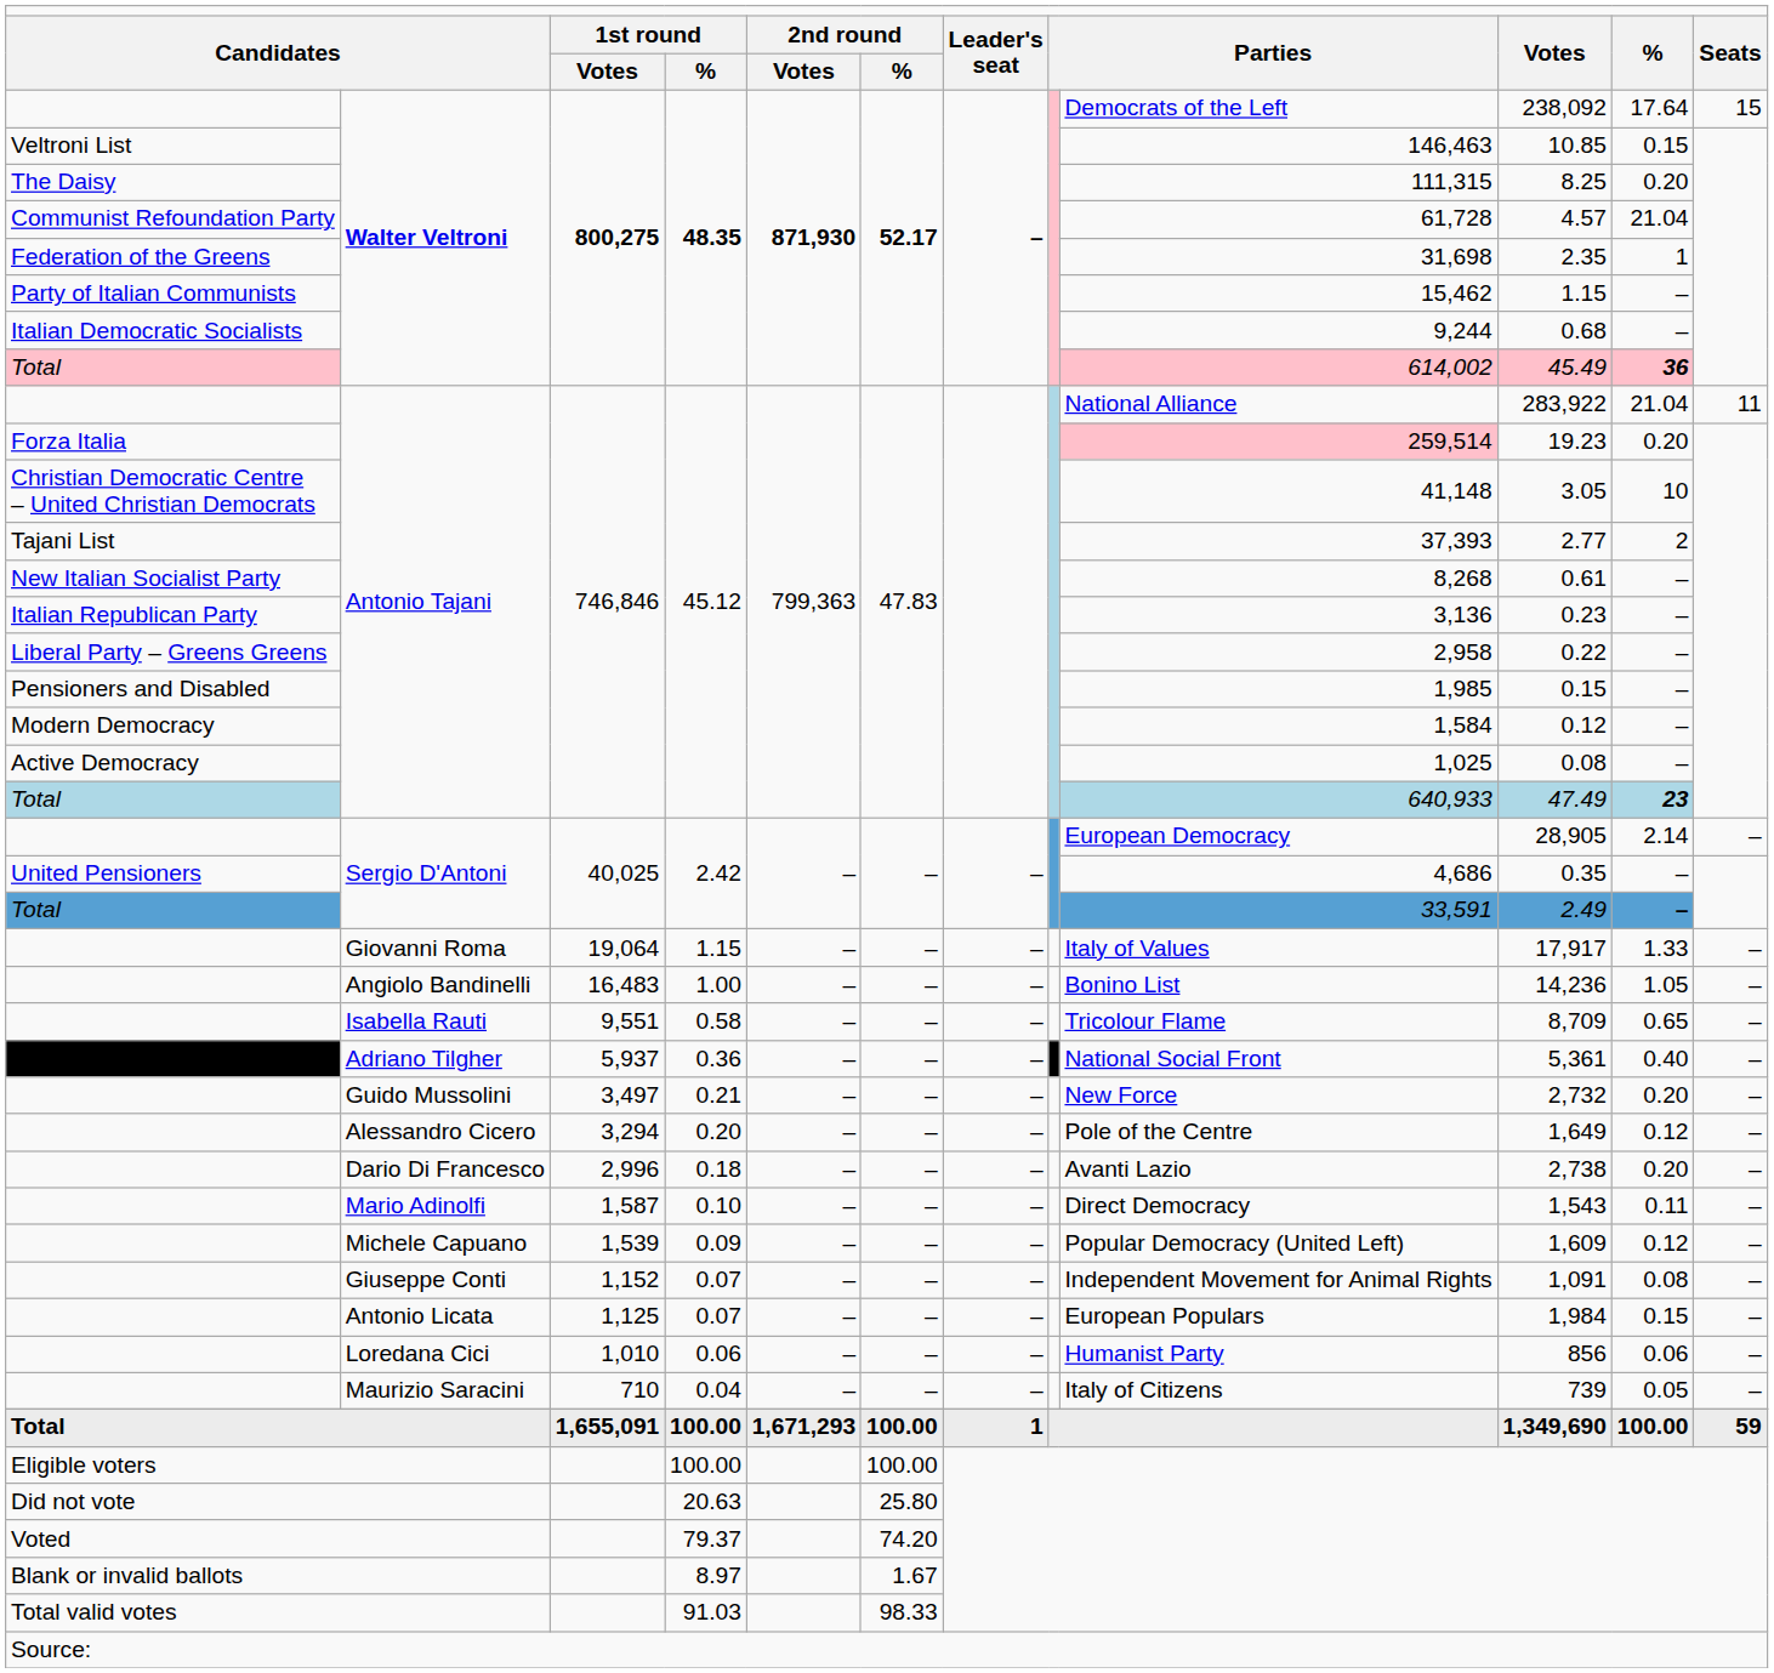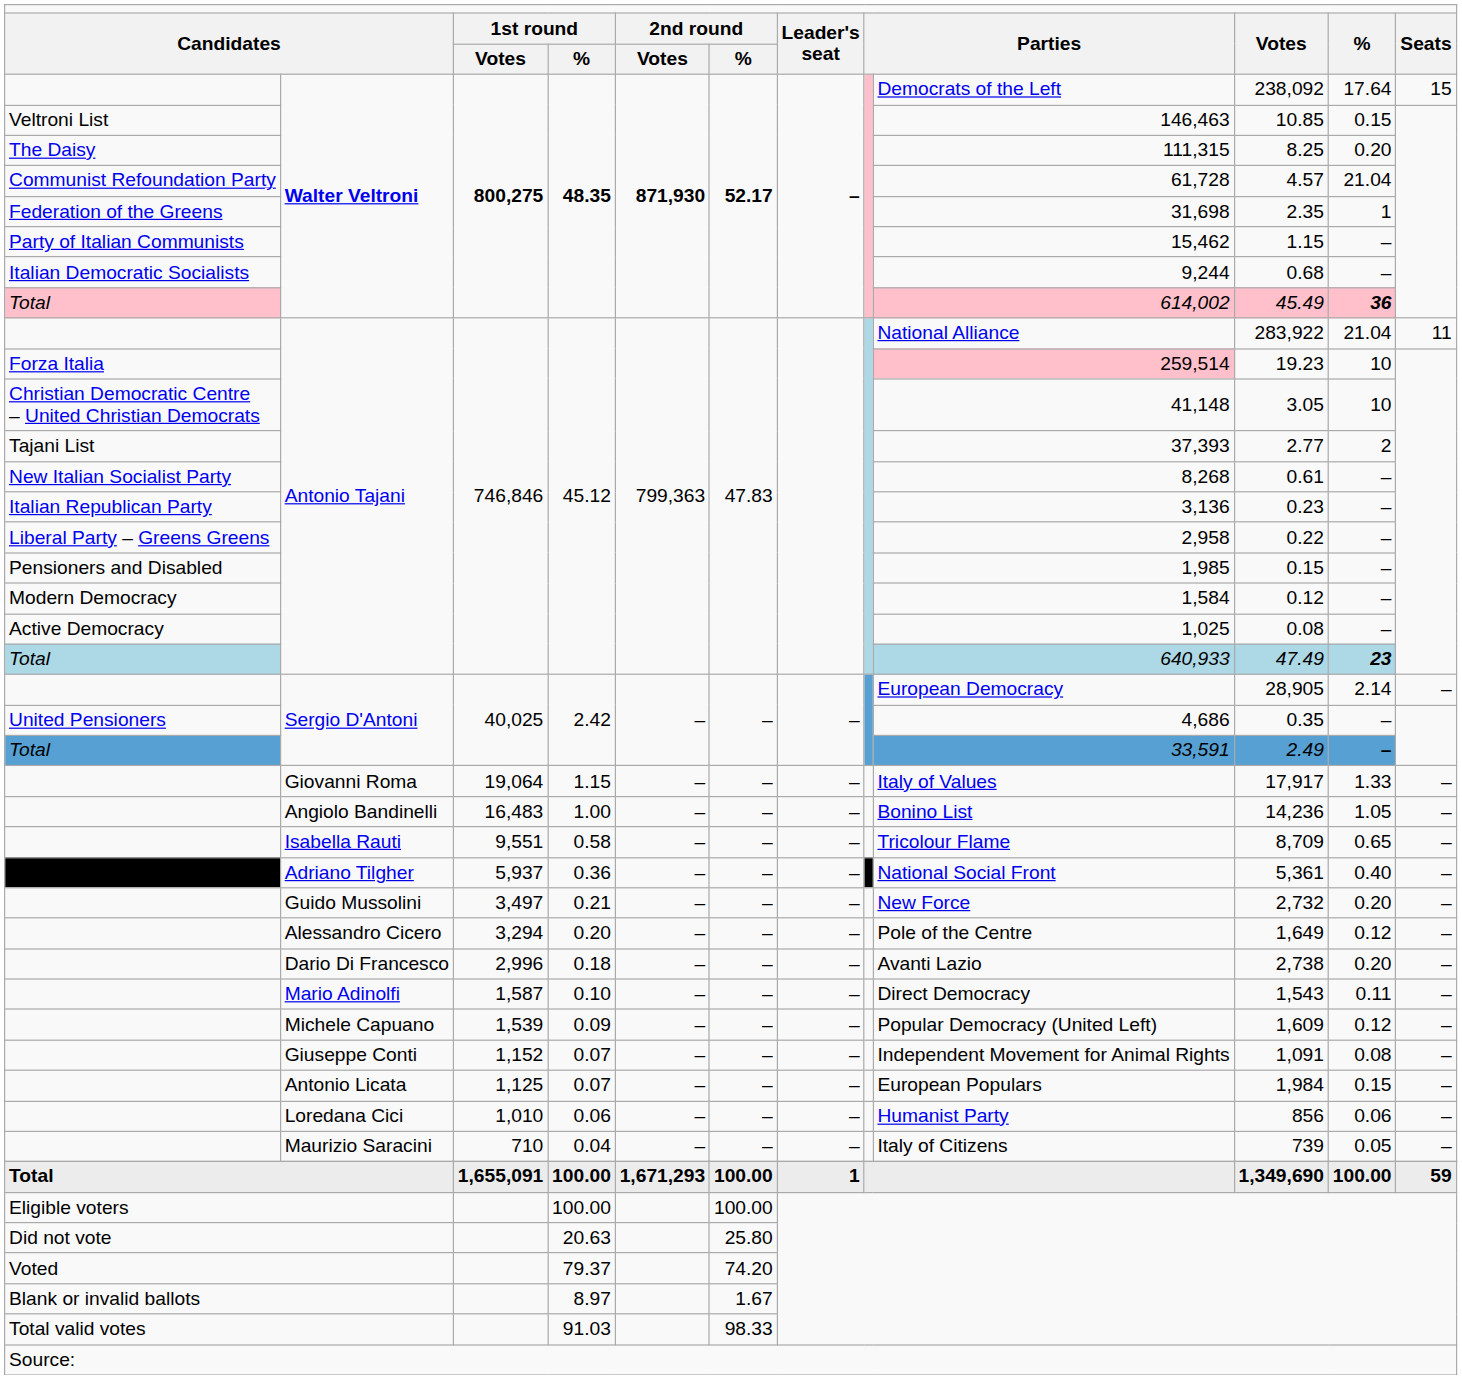 <table class="wikitable" style="text-align:left">
 <tr>
 <td colspan="12"></td>
 </tr>
 <tr>
 <th rowspan=2 colspan="2">Candidates</th>
 <th colspan=2>1st round</th>
 <th colspan=2>2nd round</th>
 <th rowspan=2>Leader's<br>seat</th>
 <th rowspan=2 colspan=2>Parties</th>
 <th rowspan=2>Votes</th>
 <th rowspan=2>%</th>
 <th rowspan=2>Seats</th>
 </tr>
 <tr>
 <th>Votes</th>
 <th>%</th>
 <th>Votes</th>
 <th>%</th>
 </tr>
 <tr>
 <td></td>
 <td rowspan=8><strong><a href='#'>Walter Veltroni</a></strong></td>
 <td rowspan=8 align=right><strong>800,275</strong></td>
 <td rowspan=8 align=right><strong>48.35</strong></td>
 <td rowspan=8 align=right><strong>871,930</strong></td>
 <td rowspan=8 align=right><strong>52.17</strong></td>
 <td rowspan=8 align=right><strong>–</strong></td>
 <td rowspan=8 bgcolor=pink></td>
 <td><a href='#'>Democrats of the Left</a></td>
 <td align=right>238,092</td>
 <td align=right>17.64</td>
 <td align=right>15</td>
 </tr>
 <tr>
 <td>Veltroni List</td>
 <td align=right>146,463</td>
 <td align=right>10.85</td>
 <td align=right>0.15</td>
 </tr>
 <tr>
 <td><a href='#'>The Daisy</a></td>
 <td align=right>111,315</td>
 <td align=right>8.25</td>
 <td align=right>0.20</td>
 </tr>
 <tr>
 <td><a href='#'>Communist Refoundation Party</a></td>
 <td align=right>61,728</td>
 <td align=right>4.57</td>
 <td align=right>21.04</td>
 </tr>
 <tr>
 <td><a href='#'>Federation of the Greens</a></td>
 <td align=right>31,698</td>
 <td align=right>2.35</td>
 <td align=right>1</td>
 </tr>
 <tr>
 <td><a href='#'>Party of Italian Communists</a></td>
 <td align=right>15,462</td>
 <td align=right>1.15</td>
 <td align=right>–</td>
 </tr>
 <tr>
 <td><a href='#'>Italian Democratic Socialists</a></td>
 <td align=right>9,244</td>
 <td align=right>0.68</td>
 <td align=right>–</td>
 </tr>
 <tr>
 <td bgcolor=pink><em>Total</em></td>
 <td bgcolor=pink align=right><em>614,002</em></td>
 <td bgcolor=pink align=right><em>45.49</em></td>
 <td bgcolor=pink align=right><strong><em>36</em></strong></td>
 </tr>
 <tr>
 <td></td>
 <td rowspan=11><a href='#'>Antonio Tajani</a></td>
 <td rowspan=11 align=right>746,846</td>
 <td rowspan=11 align=right>45.12</td>
 <td rowspan=11 align=right>799,363</td>
 <td rowspan=11 align=right>47.83</td>
 <td rowspan=11 align=right></td>
 <td rowspan=11 bgcolor=lightblue></td>
 <td><a href='#'>National Alliance</a></td>
 <td align=right>283,922</td>
 <td align=right>21.04</td>
 <td align=right>11</td>
 </tr>
 <tr>
 <td><a href='#'>Forza Italia</a></td>
 <td align=right style="background: pink;">259,514</td>
 <td align=right>19.23</td>
-<td align=right>0.20</td>
+<td align=right>10</td>
 </tr>
 <tr>
 <td><a href='#'>Christian Democratic Centre</a> <br>– <a href='#'>United Christian Democrats</a></td>
 <td align=right>41,148</td>
 <td align=right>3.05</td>
 <td align=right>10</td>
 </tr>
 <tr>
 <td>Tajani List</td>
 <td align=right>37,393</td>
 <td align=right>2.77</td>
 <td align=right>2</td>
 </tr>
 <tr>
 <td><a href='#'>New Italian Socialist Party</a></td>
 <td align=right>8,268</td>
 <td align=right>0.61</td>
 <td align=right>–</td>
 </tr>
 <tr>
 <td><a href='#'>Italian Republican Party</a></td>
 <td align=right>3,136</td>
 <td align=right>0.23</td>
 <td align=right>–</td>
 </tr>
 <tr>
 <td><a href='#'>Liberal Party</a> – <a href='#'>Greens Greens</a></td>
 <td align=right>2,958</td>
 <td align=right>0.22</td>
 <td align=right>–</td>
 </tr>
 <tr>
 <td>Pensioners and Disabled</td>
 <td align=right>1,985</td>
 <td align=right>0.15</td>
 <td align=right>–</td>
 </tr>
 <tr>
 <td>Modern Democracy</td>
 <td align=right>1,584</td>
 <td align=right>0.12</td>
 <td align=right>–</td>
 </tr>
 <tr>
 <td>Active Democracy</td>
 <td align=right>1,025</td>
 <td align=right>0.08</td>
 <td align=right>–</td>
 </tr>
 <tr>
 <td bgcolor=lightblue><em>Total</em></td>
 <td bgcolor=lightblue align=right><em>640,933</em></td>
 <td bgcolor=lightblue align=Right><em>47.49</em></td>
 <td bgcolor=lightblue align=right><strong><em>23</em></strong></td>
 </tr>
 <tr>
 <td></td>
 <td rowspan=3><a href='#'>Sergio D'Antoni</a></td>
 <td rowspan=3 align=right>40,025</td>
 <td rowspan=3 align=right>2.42</td>
 <td rowspan=3 align=right>–</td>
 <td rowspan=3 align=right>–</td>
 <td rowspan=3 align=right>–</td>
 <td rowspan=3 bgcolor=#56A0D3></td>
 <td><a href='#'>European Democracy</a></td>
 <td align=right>28,905</td>
 <td align=right>2.14</td>
 <td align=right>–</td>
 </tr>
 <tr>
 <td><a href='#'>United Pensioners</a></td>
 <td align=right>4,686</td>
 <td align=right>0.35</td>
 <td align=right>–</td>
 </tr>
 <tr>
 <td bgcolor=#56A0D3><em>Total</em></td>
 <td bgcolor=#56A0D3 align=right><em>33,591</em></td>
 <td bgcolor=#56A0D3 align=right><em>2.49</em></td>
 <td bgcolor=#56A0D3 align=right><strong>–</strong></td>
 </tr>
 <tr>
 <td></td>
 <td>Giovanni Roma</td>
 <td align=right>19,064</td>
 <td align=right>1.15</td>
 <td align=right>–</td>
 <td align=right>–</td>
 <td align=right>–</td>
 <td></td>
 <td><a href='#'>Italy of Values</a></td>
 <td align=right>17,917</td>
 <td align=right>1.33</td>
 <td align=right>–</td>
 </tr>
 <tr>
 <td></td>
 <td>Angiolo Bandinelli</td>
 <td align=right>16,483</td>
 <td align=right>1.00</td>
 <td align=right>–</td>
 <td align=right>–</td>
 <td align=right>–</td>
 <td></td>
 <td><a href='#'>Bonino List</a></td>
 <td align=right>14,236</td>
 <td align=right>1.05</td>
 <td align=right>–</td>
 </tr>
 <tr>
 <td></td>
 <td><a href='#'>Isabella Rauti</a></td>
 <td align=right>9,551</td>
 <td align=right>0.58</td>
 <td align=right>–</td>
 <td align=right>–</td>
 <td align=right>–</td>
 <td></td>
 <td><a href='#'>Tricolour Flame</a></td>
 <td align=right>8,709</td>
 <td align=right>0.65</td>
 <td align=right>–</td>
 </tr>
 <tr>
 <td bgcolor=black></td>
 <td><a href='#'>Adriano Tilgher</a></td>
 <td align=right>5,937</td>
 <td align=right>0.36</td>
 <td align=right>–</td>
 <td align=right>–</td>
 <td align=right>–</td>
 <td bgcolor=black></td>
 <td><a href='#'>National Social Front</a></td>
 <td align=right>5,361</td>
 <td align=right>0.40</td>
 <td align=right>–</td>
 </tr>
 <tr>
 <td></td>
 <td>Guido Mussolini</td>
 <td align=right>3,497</td>
 <td align=right>0.21</td>
 <td align=right>–</td>
 <td align=right>–</td>
 <td align=right>–</td>
 <td></td>
 <td><a href='#'>New Force</a></td>
 <td align=right>2,732</td>
 <td align=right>0.20</td>
 <td align=right>–</td>
 </tr>
 <tr>
 <td></td>
 <td>Alessandro Cicero</td>
 <td align=right>3,294</td>
 <td align=right>0.20</td>
 <td align=right>–</td>
 <td align=right>–</td>
 <td align=right>–</td>
 <td></td>
 <td>Pole of the Centre</td>
 <td align=right>1,649</td>
 <td align=right>0.12</td>
 <td align=right>–</td>
 </tr>
 <tr>
 <td></td>
 <td>Dario Di Francesco</td>
 <td align=right>2,996</td>
 <td align=right>0.18</td>
 <td align=right>–</td>
 <td align=right>–</td>
 <td align=right>–</td>
 <td></td>
 <td>Avanti Lazio</td>
 <td align=right>2,738</td>
 <td align=right>0.20</td>
 <td align=right>–</td>
 </tr>
 <tr>
 <td></td>
 <td><a href='#'>Mario Adinolfi</a></td>
 <td align=right>1,587</td>
 <td align=right>0.10</td>
 <td align=right>–</td>
 <td align=right>–</td>
 <td align=right>–</td>
 <td></td>
 <td>Direct Democracy</td>
 <td align=right>1,543</td>
 <td align=right>0.11</td>
 <td align=right>–</td>
 </tr>
 <tr>
 <td></td>
 <td>Michele Capuano</td>
 <td align=right>1,539</td>
 <td align=right>0.09</td>
 <td align=right>–</td>
 <td align=right>–</td>
 <td align=right>–</td>
 <td></td>
 <td>Popular Democracy (United Left)</td>
 <td align=right>1,609</td>
 <td align=right>0.12</td>
 <td align=right>–</td>
 </tr>
 <tr>
 <td></td>
 <td>Giuseppe Conti</td>
 <td align=right>1,152</td>
 <td align=right>0.07</td>
 <td align=right>–</td>
 <td align=right>–</td>
 <td align=right>–</td>
 <td></td>
 <td>Independent Movement for Animal Rights</td>
 <td align=right>1,091</td>
 <td align=right>0.08</td>
 <td align=right>–</td>
 </tr>
 <tr>
 <td></td>
 <td>Antonio Licata</td>
 <td align=right>1,125</td>
 <td align=right>0.07</td>
 <td align=right>–</td>
 <td align=right>–</td>
 <td align=right>–</td>
 <td></td>
 <td>European Populars</td>
 <td align=right>1,984</td>
 <td align=right>0.15</td>
 <td align=right>–</td>
 </tr>
 <tr>
 <td></td>
 <td>Loredana Cici</td>
 <td align=right>1,010</td>
 <td align=right>0.06</td>
 <td align=right>–</td>
 <td align=right>–</td>
 <td align=right>–</td>
 <td></td>
 <td><a href='#'>Humanist Party</a></td>
 <td align=right>856</td>
 <td align=right>0.06</td>
 <td align=right>–</td>
 </tr>
 <tr>
 <td></td>
 <td>Maurizio Saracini</td>
 <td align=right>710</td>
 <td align=right>0.04</td>
 <td align=right>–</td>
 <td align=right>–</td>
 <td align=right>–</td>
 <td></td>
 <td>Italy of Citizens</td>
 <td align=right>739</td>
 <td align=right>0.05</td>
 <td align=right>–</td>
 </tr>
 <tr>
 </tr>
 <tr bgcolor=ececec>
 <td colspan="2"><strong>Total</strong></td>
 <td align=right><strong>1,655,091</strong></td>
 <td align=right><strong>100.00</strong></td>
 <td align=right><strong>1,671,293</strong></td>
 <td align=right><strong>100.00</strong></td>
 <td align=right><strong>1</strong></td>
 <td align=right colspan=2></td>
 <td align=right><strong>1,349,690</strong></td>
 <td align=right><strong>100.00</strong></td>
 <td align=right><strong>59</strong></td>
 </tr>
 <tr>
 <td colspan=2>Eligible voters</td>
 <td style="text-align: right"></td>
 <td style="text-align: right">100.00</td>
 <td style="text-align: right"></td>
 <td style="text-align: right">100.00</td>
 <td rowspan=5 colspan=6></td>
 </tr>
 <tr>
 <td colspan=2>Did not vote</td>
 <td style="text-align: right"></td>
 <td style="text-align: right">20.63</td>
 <td style="text-align: right"></td>
 <td style="text-align: right">25.80</td>
 </tr>
 <tr>
 <td colspan=2>Voted</td>
 <td style="text-align: right"></td>
 <td style="text-align: right">79.37</td>
 <td style="text-align: right"></td>
 <td style="text-align: right">74.20</td>
 </tr>
 <tr>
 <td colspan=2>Blank or invalid ballots</td>
 <td style="text-align: right"></td>
 <td style="text-align: right">8.97</td>
 <td style="text-align: right"></td>
 <td style="text-align: right">1.67</td>
 </tr>
 <tr>
 <td colspan=2>Total valid votes</td>
 <td style="text-align: right"></td>
 <td style="text-align: right">91.03</td>
 <td style="text-align: right"></td>
 <td style="text-align: right">98.33</td>
 </tr>
 <tr>
 <td style="text-align:left;" colspan="12">Source: </td>
 </tr>
 </table>
